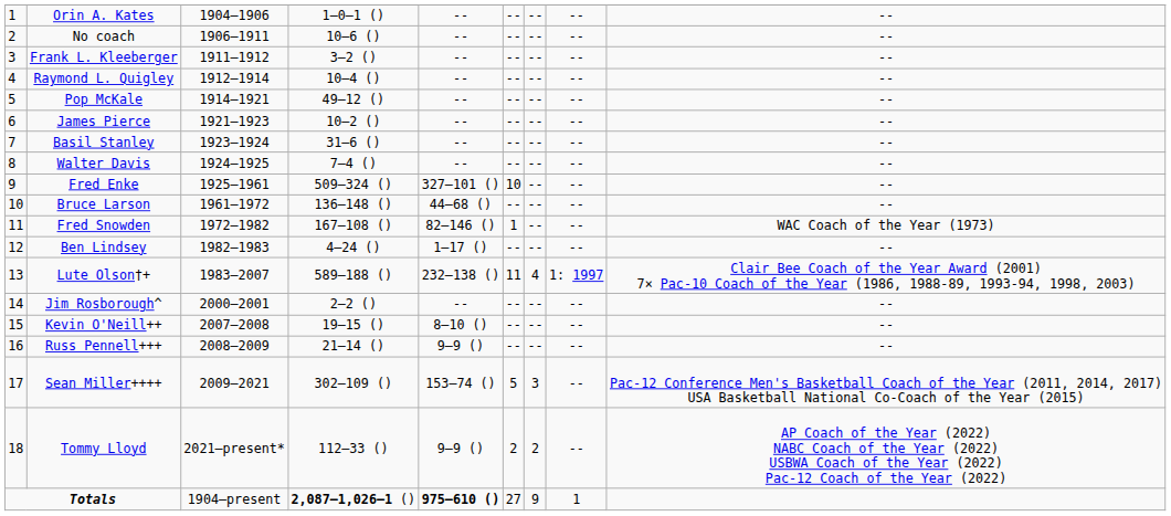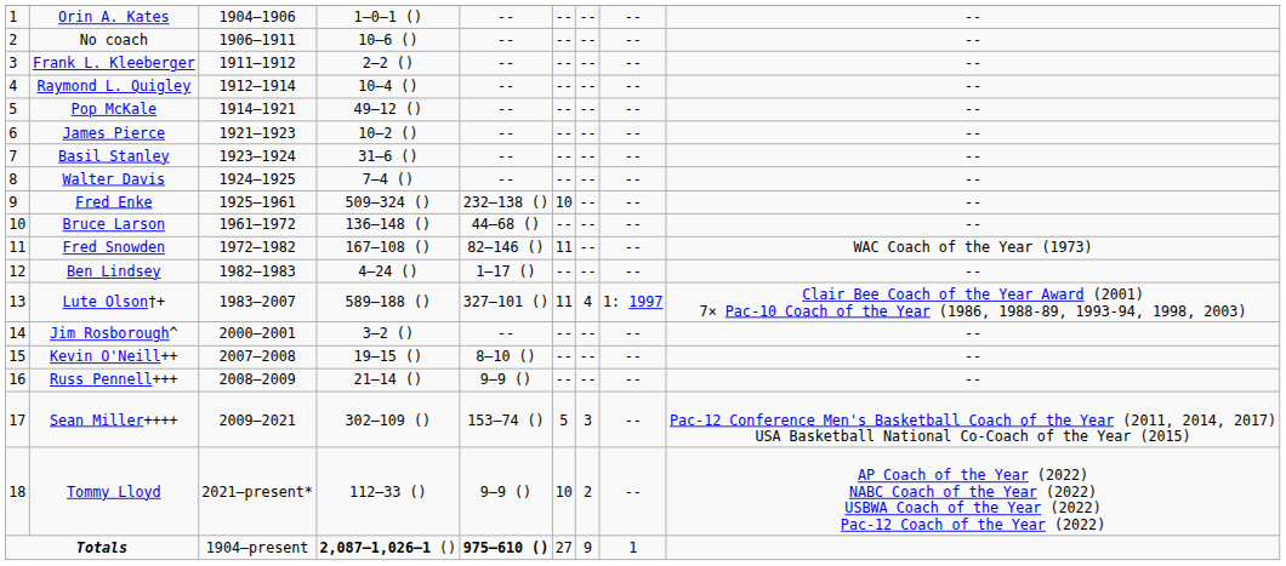 <table class="wikitable" style="text-align:center">
 <tr>
 </tr>
 <tr>
 <td align=left>1</td>
 <td><a href='#'>Orin A. Kates</a></td>
 <td>1904–1906</td>
 <td>1–0–1 ()</td>
 <td>--</td>
 <td>--</td>
 <td>--</td>
 <td>--</td>
 <td>--</td>
 </tr>
 <tr>
 <td align=left>2</td>
 <td>No coach</td>
 <td>1906–1911</td>
 <td>10–6 ()</td>
 <td>--</td>
 <td>--</td>
 <td>--</td>
 <td>--</td>
 <td>--</td>
 </tr>
 <tr>
 <td align=left>3</td>
 <td><a href='#'>Frank L. Kleeberger</a></td>
 <td>1911–1912</td>
-<td>3–2 ()</td>
+<td>2–2 ()</td>
 <td>--</td>
 <td>--</td>
 <td>--</td>
 <td>--</td>
 <td>--</td>
 </tr>
 <tr>
 <td align=left>4</td>
 <td><a href='#'>Raymond L. Quigley</a></td>
 <td>1912–1914</td>
 <td>10–4 ()</td>
 <td>--</td>
 <td>--</td>
 <td>--</td>
 <td>--</td>
 <td>--</td>
 </tr>
 <tr>
 <td align=left>5</td>
 <td><a href='#'>Pop McKale</a></td>
 <td>1914–1921</td>
 <td>49–12 ()</td>
 <td>--</td>
 <td>--</td>
 <td>--</td>
 <td>--</td>
 <td>--</td>
 </tr>
 <tr>
 <td align=left>6</td>
 <td><a href='#'>James Pierce</a></td>
 <td>1921–1923</td>
 <td>10–2 ()</td>
 <td>--</td>
 <td>--</td>
 <td>--</td>
 <td>--</td>
 <td>--</td>
 </tr>
 <tr>
 <td align=left>7</td>
 <td><a href='#'>Basil Stanley</a></td>
 <td>1923–1924</td>
 <td>31–6 ()</td>
 <td>--</td>
 <td>--</td>
 <td>--</td>
 <td>--</td>
 <td>--</td>
 </tr>
 <tr>
 <td align=left>8</td>
 <td><a href='#'>Walter Davis</a></td>
 <td>1924–1925</td>
 <td>7–4 ()</td>
 <td>--</td>
 <td>--</td>
 <td>--</td>
 <td>--</td>
 <td>--</td>
 </tr>
 <tr>
 <td align=left>9</td>
 <td><a href='#'>Fred Enke</a></td>
 <td>1925–1961</td>
 <td>509–324 ()</td>
-<td>327–101 ()</td>
+<td>232–138 ()</td>
 <td>10</td>
 <td>--</td>
 <td>--</td>
 <td>--</td>
 </tr>
 <tr>
 <td align="left">10</td>
 <td><a href='#'>Bruce Larson</a></td>
 <td>1961–1972</td>
 <td>136–148 ()</td>
 <td>44–68 ()</td>
 <td>--</td>
 <td>--</td>
 <td>--</td>
 <td>--</td>
 </tr>
 <tr>
 <td align=left>11</td>
 <td><a href='#'>Fred Snowden</a></td>
 <td>1972–1982</td>
 <td>167–108 ()</td>
 <td>82–146 ()</td>
-<td>1</td>
+<td>11</td>
 <td>--</td>
 <td>--</td>
 <td>WAC Coach of the Year (1973)</td>
 </tr>
 <tr>
 <td align=left>12</td>
 <td><a href='#'>Ben Lindsey</a></td>
 <td>1982–1983</td>
 <td>4–24 ()</td>
 <td>1–17 ()</td>
 <td>--</td>
 <td>--</td>
 <td>--</td>
 <td>--</td>
 </tr>
 <tr>
 <td align=left>13</td>
 <td><a href='#'>Lute Olson</a>†+</td>
 <td>1983–2007</td>
 <td>589–188 ()</td>
-<td>232–138 ()</td>
+<td>327–101 ()</td>
 <td>11</td>
 <td>4</td>
 <td>1: <a href='#'>1997</a></td>
 <td><a href='#'>Clair Bee Coach of the Year Award</a> (2001)<br>7× <a href='#'>Pac-10 Coach of the Year</a> (1986, 1988-89, 1993-94, 1998, 2003)</td>
 </tr>
 <tr ->
 <td align=left>14</td>
 <td><a href='#'>Jim Rosborough</a>^</td>
 <td>2000–2001</td>
-<td>2–2 ()</td>
+<td>3–2 ()</td>
 <td>--</td>
 <td>--</td>
 <td>--</td>
 <td>--</td>
 <td>--</td>
 </tr>
 <tr>
 <td align=left>15</td>
 <td><a href='#'>Kevin O'Neill</a>++</td>
 <td>2007–2008</td>
 <td>19–15 ()</td>
 <td>8–10 ()</td>
 <td>--</td>
 <td>--</td>
 <td>--</td>
 <td>--</td>
 </tr>
 <tr>
 <td align=left>16</td>
 <td><a href='#'>Russ Pennell</a>+++</td>
 <td>2008–2009</td>
 <td>21–14 ()</td>
 <td>9–9 ()</td>
 <td>--</td>
 <td>--</td>
 <td>--</td>
 <td>--</td>
 </tr>
 <tr>
 <td align=left>17</td>
 <td><a href='#'>Sean Miller</a>++++</td>
 <td>2009–2021</td>
 <td>302–109  ()</td>
 <td>153–74 ()</td>
 <td>5</td>
 <td>3</td>
 <td>--</td>
 <td><br><a href='#'>Pac-12 Conference Men's Basketball Coach of the Year</a> (2011, 2014, 2017) <br> USA Basketball National Co-Coach of the Year (2015)</td>
 </tr>
 <tr>
 <td align=left>18</td>
 <td><a href='#'>Tommy Lloyd</a></td>
 <td>2021–present*</td>
 <td>112–33 ()</td>
 <td>9–9 ()</td>
-<td>2</td>
+<td>10</td>
 <td>2</td>
 <td>--</td>
 <td><br><a href='#'>AP Coach of the Year</a> (2022) <br> <a href='#'>NABC Coach of the Year</a> (2022) <br> <a href='#'>USBWA Coach of the Year</a> (2022) <br> <a href='#'>Pac-12 Coach of the Year</a> (2022)</td>
 </tr>
 <tr>
 <td colspan="2"><strong><em>Totals</em></strong></td>
 <td>1904–present</td>
 <td><strong>2,087–1,026–1</strong> ()</td>
 <td><strong>975–610</strong> <strong>()</strong></td>
 <td>27</td>
 <td>9</td>
 <td>1</td>
 <td></td>
 </tr>
 </table>
